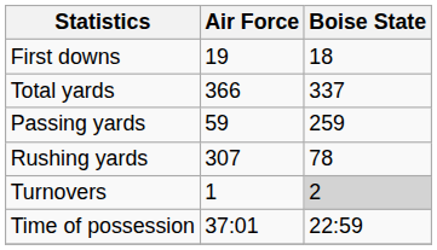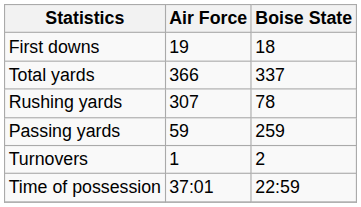 <table class="wikitable">
 <tr>
 <th>Statistics</th>
 <th>Air Force</th>
 <th>Boise State</th>
 </tr>
 <tr>
 <td>First downs</td>
 <td>19</td>
 <td>18</td>
 </tr>
 <tr>
 <td>Total yards</td>
 <td>366</td>
 <td>337</td>
 </tr>
 <tr>
+<td>Rushing yards</td>
+<td>307</td>
+<td>78</td>
+</tr>
+<tr>
 <td>Passing yards</td>
 <td>59</td>
 <td>259</td>
 </tr>
 <tr>
-<td>Rushing yards</td>
-<td>307</td>
-<td>78</td>
-</tr>
-<tr>
 <td>Turnovers</td>
 <td>1</td>
-<td style="background: lightgrey;">2</td>
+<td>2</td>
 </tr>
 <tr>
 <td>Time of possession</td>
 <td>37:01</td>
 <td>22:59</td>
 </tr>
 <tr>
 </tr>
 </table>
